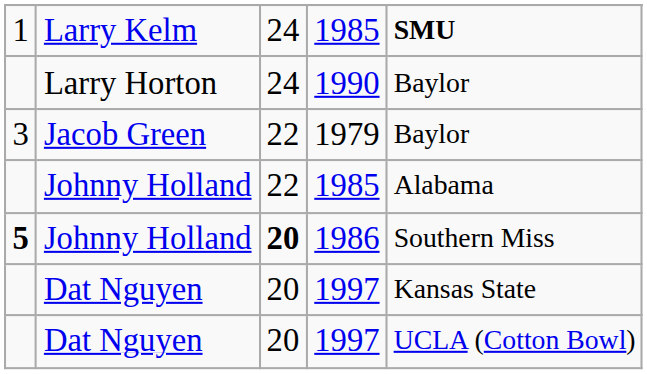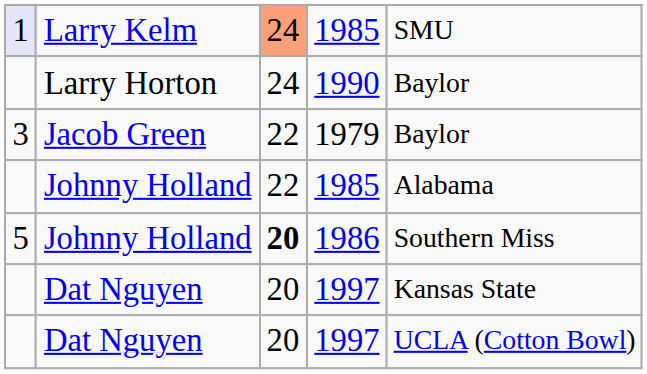 <table class="wikitable">
 <tr>
 </tr>
 <tr>
-<td>1</td>
+<td style="background: lavender;">1</td>
 <td><a href='#'>Larry Kelm</a></td>
-<td>24</td>
+<td style="background: lightsalmon;">24</td>
 <td><a href='#'>1985</a></td>
-<td style="font-size:85%;"><strong>SMU</strong></td>
+<td style="font-size:85%;">SMU</td>
 </tr>
 <tr>
 <td></td>
 <td>Larry Horton</td>
 <td>24</td>
 <td><a href='#'>1990</a></td>
 <td style="font-size:85%;">Baylor</td>
 </tr>
 <tr>
 <td>3</td>
 <td><a href='#'>Jacob Green</a></td>
 <td>22</td>
 <td>1979</td>
 <td style="font-size:85%;">Baylor</td>
 </tr>
 <tr>
 <td></td>
 <td><a href='#'>Johnny Holland</a></td>
 <td>22</td>
 <td><a href='#'>1985</a></td>
 <td style="font-size:85%;">Alabama</td>
 </tr>
 <tr>
-<td><strong>5</strong></td>
+<td>5</td>
 <td><a href='#'>Johnny Holland</a></td>
 <td><strong>20</strong></td>
 <td><a href='#'>1986</a></td>
 <td style="font-size:85%;">Southern Miss</td>
 </tr>
 <tr>
 <td></td>
 <td><a href='#'>Dat Nguyen</a></td>
 <td>20</td>
 <td><a href='#'>1997</a></td>
 <td style="font-size:85%;">Kansas State</td>
 </tr>
 <tr>
 <td></td>
 <td><a href='#'>Dat Nguyen</a></td>
 <td>20</td>
 <td><a href='#'>1997</a></td>
 <td style="font-size:85%;"><a href='#'>UCLA</a> (<a href='#'>Cotton Bowl</a>)</td>
 </tr>
 </table>
